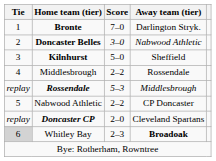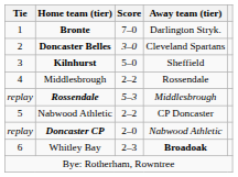 <table class="wikitable" style="text-align:center; font-size:85%">
 <tr>
 <th>Tie</th>
 <th>Home team (tier)</th>
 <th>Score</th>
 <th>Away team (tier)</th>
 <th></th>
 </tr>
 <tr>
 <td align="center">1</td>
 <td><strong>Bronte</strong></td>
 <td align="center">7–0</td>
 <td>Darlington Stryk.</td>
 <td></td>
 </tr>
 <tr>
 <td align="center">2</td>
 <td><strong>Doncaster Belles</strong></td>
 <td align="center"><em>3–0</em></td>
-<td><em>Nabwood Athletic</em></td>
+<td>Cleveland Spartans</td>
 <td></td>
 </tr>
 <tr>
 <td align="center">3</td>
 <td><strong>Kilnhurst</strong></td>
 <td align="center">5–0</td>
 <td>Sheffield</td>
 <td></td>
 </tr>
 <tr>
 <td align="center">4</td>
 <td>Middlesbrough</td>
 <td align="center">2–2 </td>
 <td>Rossendale</td>
 <td></td>
 </tr>
 <tr>
 <td align="center"><em>replay</em></td>
 <td><strong><em>Rossendale</em></strong></td>
 <td align="center"><em>5–3</em></td>
 <td><em>Middlesbrough</em></td>
 <td></td>
 </tr>
 <tr>
 <td align="center">5</td>
 <td>Nabwood Athletic</td>
 <td align="center">2–2 </td>
 <td>CP Doncaster</td>
 <td></td>
 </tr>
 <tr>
 <td align="center"><em>replay</em></td>
 <td><strong><em>Doncaster CP</em></strong></td>
 <td align="center">2–0</td>
-<td>Cleveland Spartans</td>
+<td><em>Nabwood Athletic</em></td>
 <td></td>
 </tr>
 <tr>
-<td align="center" style="background: lightgrey;">6</td>
+<td align="center">6</td>
 <td>Whitley Bay</td>
 <td align="center">2–3</td>
 <td><strong>Broadoak</strong></td>
 <td></td>
 </tr>
 <tr>
 <td colspan="5" align="center">Bye: Rotherham, Rowntree</td>
 </tr>
 </table>
